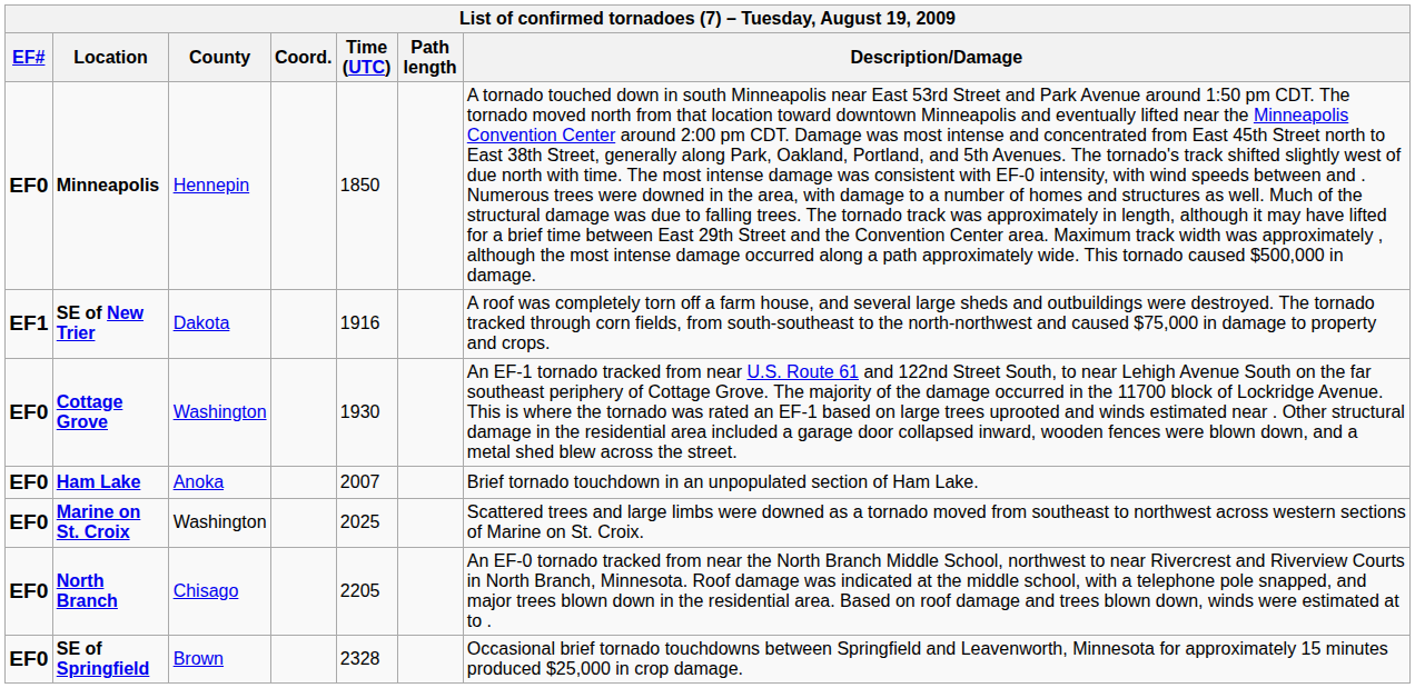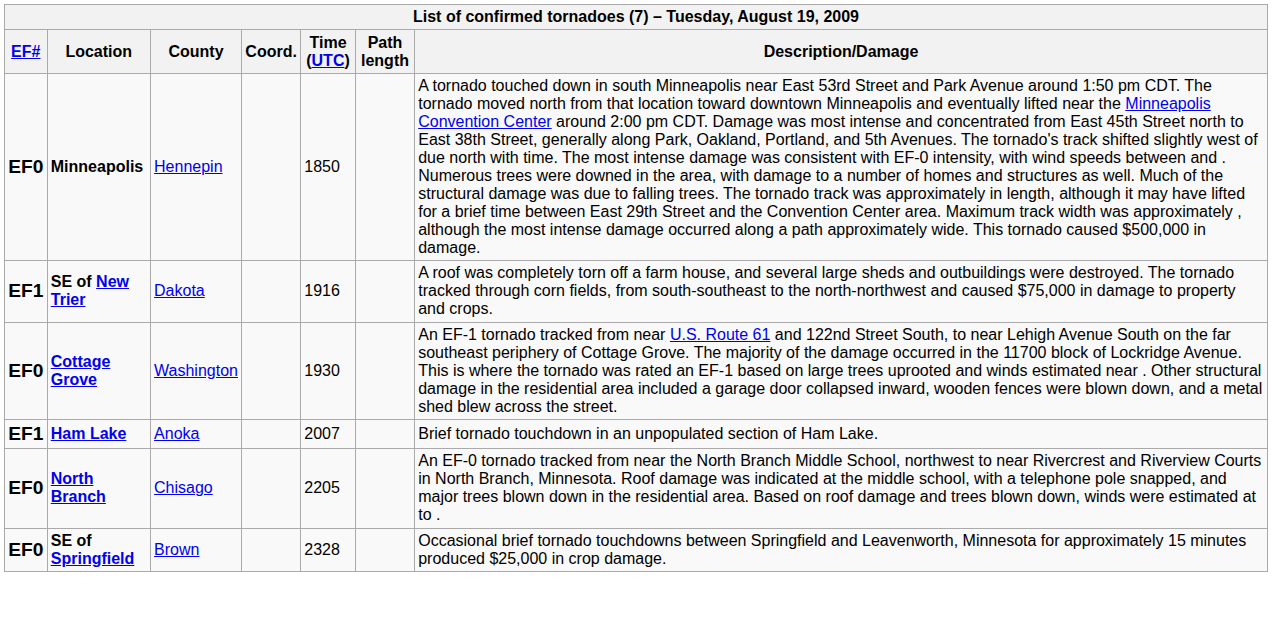 <table class="wikitable collapsible" width="100%">
 <tr>
 <th colspan="7">List of confirmed tornadoes (7) – Tuesday, August 19, 2009</th>
 </tr>
 <tr>
 <th><a href='#'>EF#</a></th>
 <th>Location</th>
 <th>County</th>
 <th>Coord.</th>
 <th>Time (<a href='#'>UTC</a>)</th>
 <th>Path length</th>
 <th>Description/Damage</th>
 </tr>
 <tr>
 <td><big><strong>EF0</strong></big></td>
 <td><strong>Minneapolis</strong></td>
 <td><a href='#'>Hennepin</a></td>
 <td></td>
 <td>1850</td>
 <td></td>
 <td>A tornado touched down in south Minneapolis near East 53rd Street and Park Avenue around 1:50 pm CDT. The tornado moved north from that location toward downtown Minneapolis and eventually lifted near the <a href='#'>Minneapolis Convention Center</a> around 2:00 pm CDT. Damage was most intense and concentrated from East 45th Street north to East 38th Street, generally along Park, Oakland, Portland, and 5th Avenues. The tornado's track shifted slightly west of due north with time. The most intense damage was consistent with EF-0 intensity, with wind speeds between  and . Numerous trees were downed in the area, with damage to a number of homes and structures as well. Much of the structural damage was due to falling trees. The tornado track was approximately  in length, although it may have lifted for a brief time between East 29th Street and the Convention Center area. Maximum track width was approximately , although the most intense damage occurred along a path approximately  wide. This tornado caused $500,000 in damage.</td>
 </tr>
 <tr>
 <td><big><strong>EF1</strong></big></td>
 <td><strong>SE of <a href='#'>New Trier</a></strong></td>
 <td><a href='#'>Dakota</a></td>
 <td></td>
 <td>1916</td>
 <td></td>
 <td>A roof was completely torn off a farm house, and several large sheds and outbuildings were destroyed. The tornado tracked through corn fields, from south-southeast to the north-northwest and caused $75,000 in damage to property and crops.</td>
 </tr>
 <tr>
 <td><big><strong>EF0</strong></big></td>
 <td><strong><a href='#'>Cottage Grove</a></strong></td>
 <td><a href='#'>Washington</a></td>
 <td></td>
 <td>1930</td>
 <td></td>
 <td>An EF-1 tornado tracked from near <a href='#'>U.S. Route 61</a> and 122nd Street South, to near Lehigh Avenue South on the far southeast periphery of Cottage Grove. The majority of the damage occurred in the 11700 block of Lockridge Avenue. This is where the tornado was rated an EF-1 based on large trees uprooted and winds estimated near . Other structural damage in the residential area included a garage door collapsed inward, wooden fences were blown down, and a metal shed blew across the street.</td>
 </tr>
 <tr>
-<td><big><strong>EF0</strong></big></td>
+<td><big><strong>EF1</strong></big></td>
 <td><strong><a href='#'>Ham Lake</a></strong></td>
 <td><a href='#'>Anoka</a></td>
 <td></td>
 <td>2007</td>
 <td></td>
 <td>Brief tornado touchdown in an unpopulated section of Ham Lake.</td>
-</tr>
-<tr>
-<td><big><strong>EF0</strong></big></td>
-<td><strong><a href='#'>Marine on St. Croix</a></strong></td>
-<td>Washington</td>
-<td></td>
-<td>2025</td>
-<td></td>
-<td>Scattered trees and large limbs were downed as a tornado moved from southeast to northwest across western sections of Marine on St. Croix.</td>
 </tr>
 <tr>
 <td><big><strong>EF0</strong></big></td>
 <td><strong><a href='#'>North Branch</a></strong></td>
 <td><a href='#'>Chisago</a></td>
 <td></td>
 <td>2205</td>
 <td></td>
 <td>An EF-0 tornado tracked from near the North Branch Middle School, northwest to near Rivercrest and Riverview Courts in North Branch, Minnesota. Roof damage was indicated at the middle school, with a telephone pole snapped, and major trees blown down in the residential area. Based on roof damage and trees blown down, winds were estimated at  to .</td>
 </tr>
 <tr>
 <td><big><strong>EF0</strong></big></td>
 <td><strong>SE of <a href='#'>Springfield</a></strong></td>
 <td><a href='#'>Brown</a></td>
 <td></td>
 <td>2328</td>
 <td></td>
 <td>Occasional brief tornado touchdowns between Springfield and Leavenworth, Minnesota for approximately 15 minutes produced $25,000 in crop damage.</td>
 </tr>
 </table>
